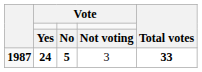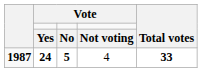 <table class=wikitable style="text-align:center">
 <tr style="vertical-align:bottom;">
 <th rowspan=3></th>
 <th colspan=3>Vote</th>
 <th rowspan=3>Total votes</th>
 </tr>
 <tr style="height:5px">
 <td style="background-color:"></td>
 <td style="background-color:"></td>
 <td style="background-color:"></td>
 </tr>
 <tr style="vertical-align:bottom;">
 <th>Yes</th>
 <th>No</th>
 <th>Not voting</th>
 </tr>
 <tr>
 <td><strong>1987</strong></td>
 <td style="background:#fff;"><strong>24</strong></td>
 <td style="background:#fff;"><strong>5</strong></td>
-<td style="background:#fff;">3</td>
+<td style="background:#fff;">4</td>
 <td style="background:#fff;"><strong>33</strong></td>
 </tr>
 </table>
